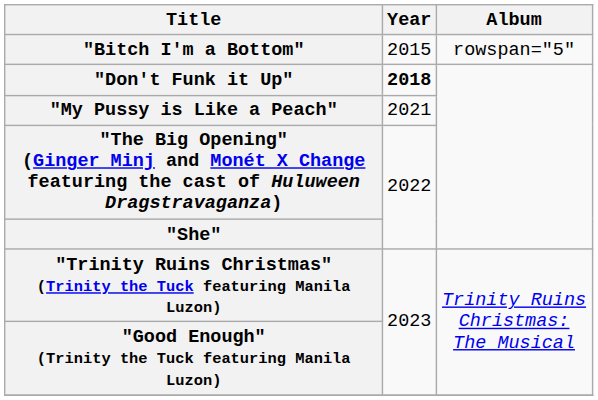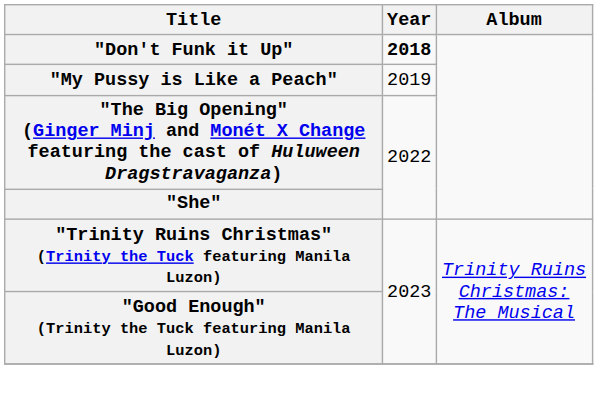 <table class="wikitable plainrowheaders" style="text-align:center;">
 <tr>
 <th scope="col" style="width:20em;">Title</th>
 <th scope="col" style="width:2em;">Year</th>
 <th scope="col" style="width:8em;">Album</th>
 </tr>
 <tr>
-<th scope="row">"Bitch I'm a Bottom"<br></th>
-<td>2015</td>
-<td>rowspan="5" </td>
-</tr>
-<tr>
 <th scope="row">"Don't Funk it Up"<br></th>
 <td><strong>2018</strong></td>
 </tr>
 <tr>
 <th scope="row">"My Pussy is Like a Peach" </th>
-<td>2021</td>
+<td>2019</td>
 </tr>
 <tr>
 <th scope="row">"The Big Opening"<br>(<a href='#'>Ginger Minj</a> and <a href='#'>Monét X Change</a> featuring the cast of <em>Huluween Dragstravaganza</em>)</th>
 <td rowspan="2">2022</td>
 </tr>
 <tr>
 <th scope="row">"She"<br></th>
 </tr>
 <tr>
 <th scope="row">"Trinity Ruins Christmas" <br><small>(<a href='#'>Trinity the Tuck</a> featuring Manila Luzon)</small></th>
 <td rowspan="2">2023</td>
 <td rowspan="2"><em><a href='#'>Trinity Ruins Christmas: The Musical</a></em></td>
 </tr>
 <tr>
 <th scope="row">"Good Enough" <br><small>(Trinity the Tuck featuring Manila Luzon)</small></th>
 </tr>
 <tr>
 </tr>
 </table>
